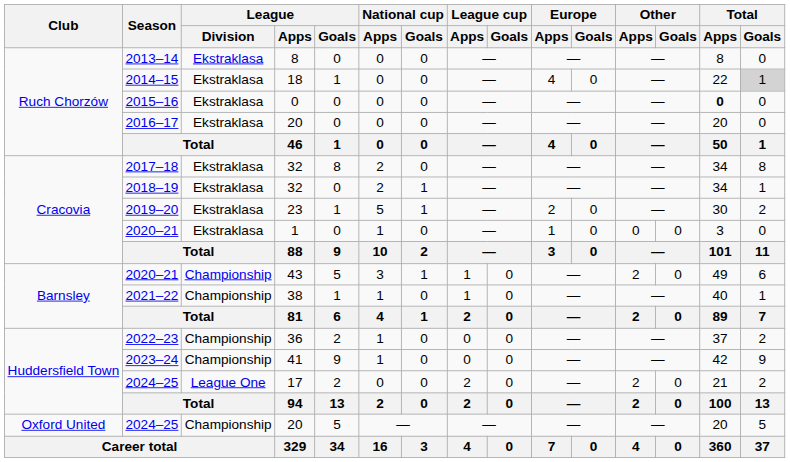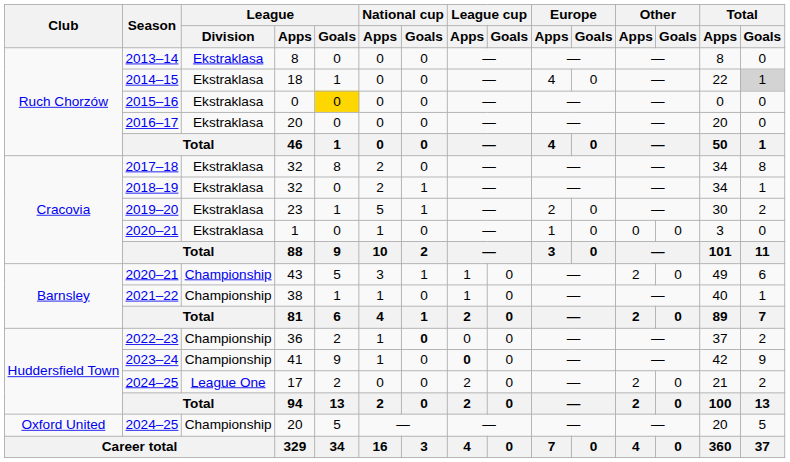 <table class="wikitable" style="text-align: center;">
 <tr>
 <th rowspan="2">Club</th>
 <th rowspan="2">Season</th>
 <th colspan="3">League</th>
 <th colspan="2">National cup</th>
 <th colspan="2">League cup</th>
 <th colspan="2">Europe</th>
 <th colspan="2">Other</th>
 <th colspan="2">Total</th>
 </tr>
 <tr>
 <th>Division</th>
 <th>Apps</th>
 <th>Goals</th>
 <th>Apps</th>
 <th>Goals</th>
 <th>Apps</th>
 <th>Goals</th>
 <th>Apps</th>
 <th>Goals</th>
 <th>Apps</th>
 <th>Goals</th>
 <th>Apps</th>
 <th>Goals</th>
 </tr>
 <tr>
 <td rowspan="5"><a href='#'>Ruch Chorzów</a></td>
 <td><a href='#'>2013–14</a></td>
 <td><a href='#'>Ekstraklasa</a></td>
 <td>8</td>
 <td>0</td>
 <td>0</td>
 <td>0</td>
 <td colspan="2">—</td>
 <td colspan="2">—</td>
 <td colspan="2">—</td>
 <td>8</td>
 <td>0</td>
 </tr>
 <tr>
 <td><a href='#'>2014–15</a></td>
 <td>Ekstraklasa</td>
 <td>18</td>
 <td>1</td>
 <td>0</td>
 <td>0</td>
 <td colspan="2">—</td>
 <td>4</td>
 <td>0</td>
 <td colspan="2">—</td>
 <td>22</td>
 <td style="background: lightgrey;">1</td>
 </tr>
 <tr>
 <td><a href='#'>2015–16</a></td>
 <td>Ekstraklasa</td>
 <td>0</td>
-<td>0</td>
+<td style="background: gold;">0</td>
 <td>0</td>
 <td>0</td>
 <td colspan="2">—</td>
 <td colspan="2">—</td>
 <td colspan="2">—</td>
-<td><strong>0</strong></td>
+<td>0</td>
 <td>0</td>
 </tr>
 <tr>
 <td><a href='#'>2016–17</a></td>
 <td>Ekstraklasa</td>
 <td>20</td>
 <td>0</td>
 <td>0</td>
 <td>0</td>
 <td colspan="2">—</td>
 <td colspan="2">—</td>
 <td colspan="2">—</td>
 <td>20</td>
 <td>0</td>
 </tr>
 <tr>
 <th colspan="2">Total</th>
 <th>46</th>
 <th>1</th>
 <th>0</th>
 <th>0</th>
 <th colspan="2">—</th>
 <th>4</th>
 <th>0</th>
 <th colspan="2">—</th>
 <th>50</th>
 <th>1</th>
 </tr>
 <tr>
 <td rowspan=5><a href='#'>Cracovia</a></td>
 <td><a href='#'>2017–18</a></td>
 <td>Ekstraklasa</td>
 <td>32</td>
 <td>8</td>
 <td>2</td>
 <td>0</td>
 <td colspan="2">—</td>
 <td colspan="2">—</td>
 <td colspan="2">—</td>
 <td>34</td>
 <td>8</td>
 </tr>
 <tr>
 <td><a href='#'>2018–19</a></td>
 <td>Ekstraklasa</td>
 <td>32</td>
 <td>0</td>
 <td>2</td>
 <td>1</td>
 <td colspan="2">—</td>
 <td colspan="2">—</td>
 <td colspan="2">—</td>
 <td>34</td>
 <td>1</td>
 </tr>
 <tr>
 <td><a href='#'>2019–20</a></td>
 <td>Ekstraklasa</td>
 <td>23</td>
 <td>1</td>
 <td>5</td>
 <td>1</td>
 <td colspan="2">—</td>
 <td>2</td>
 <td>0</td>
 <td colspan="2">—</td>
 <td>30</td>
 <td>2</td>
 </tr>
 <tr>
 <td><a href='#'>2020–21</a></td>
 <td>Ekstraklasa</td>
 <td>1</td>
 <td>0</td>
 <td>1</td>
 <td>0</td>
 <td colspan="2">—</td>
 <td>1</td>
 <td>0</td>
 <td>0</td>
 <td>0</td>
 <td>3</td>
 <td>0</td>
 </tr>
 <tr>
 <th colspan="2">Total</th>
 <th>88</th>
 <th>9</th>
 <th>10</th>
 <th>2</th>
 <th colspan="2">—</th>
 <th>3</th>
 <th>0</th>
 <th colspan="2">—</th>
 <th>101</th>
 <th>11</th>
 </tr>
 <tr>
 <td rowspan="3"><a href='#'>Barnsley</a></td>
 <td><a href='#'>2020–21</a></td>
 <td><a href='#'>Championship</a></td>
 <td>43</td>
 <td>5</td>
 <td>3</td>
 <td>1</td>
 <td>1</td>
 <td>0</td>
 <td colspan="2">—</td>
 <td>2</td>
 <td>0</td>
 <td>49</td>
 <td>6</td>
 </tr>
 <tr>
 <td><a href='#'>2021–22</a></td>
 <td>Championship</td>
 <td>38</td>
 <td>1</td>
 <td>1</td>
 <td>0</td>
 <td>1</td>
 <td>0</td>
 <td colspan="2">—</td>
 <td colspan="2">—</td>
 <td>40</td>
 <td>1</td>
 </tr>
 <tr>
 <th colspan="2">Total</th>
 <th>81</th>
 <th>6</th>
 <th>4</th>
 <th>1</th>
 <th>2</th>
 <th>0</th>
 <th colspan="2">—</th>
 <th>2</th>
 <th>0</th>
 <th>89</th>
 <th>7</th>
 </tr>
 <tr>
 <td rowspan="4"><a href='#'>Huddersfield Town</a></td>
 <td><a href='#'>2022–23</a></td>
 <td>Championship</td>
 <td>36</td>
 <td>2</td>
 <td>1</td>
-<td>0</td>
+<td><strong>0</strong></td>
 <td>0</td>
 <td>0</td>
 <td colspan="2">—</td>
 <td colspan="2">—</td>
 <td>37</td>
 <td>2</td>
 </tr>
 <tr>
 <td><a href='#'>2023–24</a></td>
 <td>Championship</td>
 <td>41</td>
 <td>9</td>
 <td>1</td>
 <td>0</td>
-<td>0</td>
+<td><strong>0</strong></td>
 <td>0</td>
 <td colspan="2">—</td>
 <td colspan="2">—</td>
 <td>42</td>
 <td>9</td>
 </tr>
 <tr>
 <td><a href='#'>2024–25</a></td>
 <td><a href='#'>League One</a></td>
 <td>17</td>
 <td>2</td>
 <td>0</td>
 <td>0</td>
 <td>2</td>
 <td>0</td>
 <td colspan="2">—</td>
 <td>2</td>
 <td>0</td>
 <td>21</td>
 <td>2</td>
 </tr>
 <tr>
 <th colspan="2">Total</th>
 <th>94</th>
 <th>13</th>
 <th>2</th>
 <th>0</th>
 <th>2</th>
 <th>0</th>
 <th colspan="2">—</th>
 <th>2</th>
 <th>0</th>
 <th>100</th>
 <th>13</th>
 </tr>
 <tr>
 <td><a href='#'>Oxford United</a></td>
 <td><a href='#'>2024–25</a></td>
 <td>Championship</td>
 <td>20</td>
 <td>5</td>
 <td colspan="2">—</td>
 <td colspan="2">—</td>
 <td colspan="2">—</td>
 <td colspan="2">—</td>
 <td>20</td>
 <td>5</td>
 </tr>
 <tr>
 <th colspan="3">Career total</th>
 <th>329</th>
 <th>34</th>
 <th>16</th>
 <th>3</th>
 <th>4</th>
 <th>0</th>
 <th>7</th>
 <th>0</th>
 <th>4</th>
 <th>0</th>
 <th>360</th>
 <th>37</th>
 </tr>
 </table>
